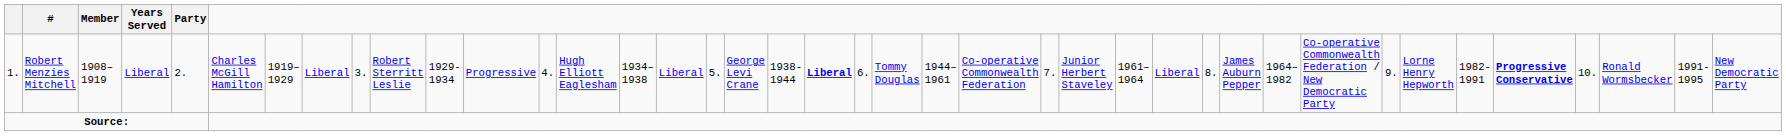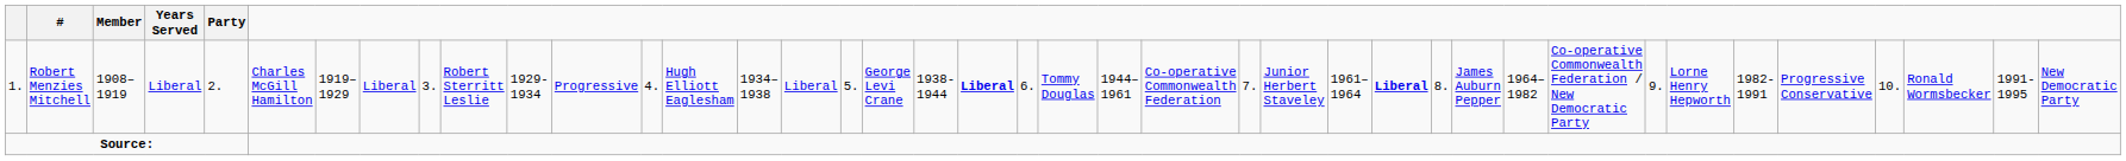 <table class="wikitable">
 <tr>
 <th></th>
 <th>#</th>
 <th>Member</th>
 <th>Years Served</th>
 <th>Party</th>
 </tr>
 <tr>
 <td>1.</td>
 <td><a href='#'>Robert Menzies Mitchell</a></td>
 <td>1908–1919</td>
 <td><a href='#'>Liberal</a><br></td>
 <td>2.</td>
 <td><a href='#'>Charles McGill Hamilton</a></td>
 <td>1919–1929</td>
 <td><a href='#'>Liberal</a><br></td>
 <td>3.</td>
 <td><a href='#'>Robert Sterritt Leslie</a></td>
 <td>1929-1934</td>
 <td><a href='#'>Progressive</a><br></td>
 <td>4.</td>
 <td><a href='#'>Hugh Elliott Eaglesham</a></td>
 <td>1934–1938</td>
 <td><a href='#'>Liberal</a><br></td>
 <td>5.</td>
 <td><a href='#'>George Levi Crane</a></td>
 <td>1938-1944</td>
 <td><strong><a href='#'>Liberal</a><br></strong></td>
 <td>6.</td>
 <td><a href='#'>Tommy Douglas</a></td>
 <td>1944–1961</td>
 <td><a href='#'>Co-operative Commonwealth Federation</a><br></td>
 <td>7.</td>
 <td><a href='#'>Junior Herbert Staveley</a></td>
 <td>1961–1964</td>
-<td><a href='#'>Liberal</a><br></td>
+<td><strong><a href='#'>Liberal</a><br></strong></td>
 <td>8.</td>
 <td><a href='#'>James Auburn Pepper</a></td>
 <td>1964–1982</td>
 <td><a href='#'>Co-operative Commonwealth Federation</a> / <a href='#'>New Democratic Party</a><br></td>
 <td>9.</td>
 <td><a href='#'>Lorne Henry Hepworth</a></td>
 <td>1982-1991</td>
-<td><strong><a href='#'>Progressive Conservative</a><br></strong></td>
+<td><a href='#'>Progressive Conservative</a><br></td>
 <td>10.</td>
 <td><a href='#'>Ronald Wormsbecker</a></td>
 <td>1991-1995</td>
 <td><a href='#'>New Democratic Party</a></td>
 </tr>
 <tr>
 <td align="center" colspan=5><strong>Source:</strong> </td>
 </tr>
 </table>
